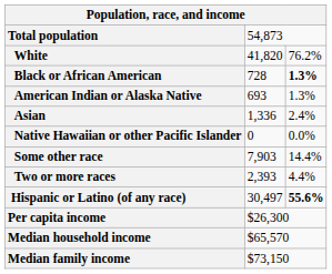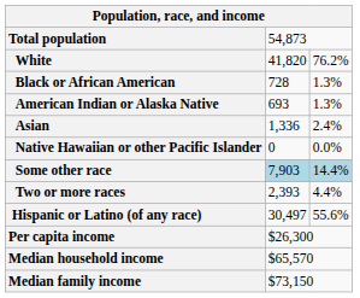 <table class="wikitable collapsible collapsed">
 <tr>
 <th colspan=6>Population, race, and income</th>
 </tr>
 <tr>
 <th scope="row" style="text-align: left;">Total population</th>
 <td colspan=2>54,873</td>
 </tr>
 <tr>
 <th scope="row" style="text-align: left;">  White</th>
 <td>41,820</td>
 <td>76.2%</td>
 </tr>
 <tr>
 <th scope="row" style="text-align: left;">  Black or African American</th>
 <td>728</td>
-<td><strong>1.3%</strong></td>
+<td>1.3%</td>
 </tr>
 <tr>
 <th scope="row" style="text-align: left;">  American Indian or Alaska Native</th>
 <td>693</td>
 <td>1.3%</td>
 </tr>
 <tr>
 <th scope="row" style="text-align: left;">  Asian</th>
 <td>1,336</td>
 <td>2.4%</td>
 </tr>
 <tr>
 <th scope="row" style="text-align: left;">  Native Hawaiian or other Pacific Islander</th>
 <td>0</td>
 <td>0.0%</td>
 </tr>
 <tr>
 <th scope="row" style="text-align: left;">  Some other race</th>
-<td>7,903</td>
-<td>14.4%</td>
+<td style="background: lightblue;">7,903</td>
+<td style="background: lightblue;">14.4%</td>
 </tr>
 <tr>
 <th scope="row" style="text-align: left;">  Two or more races</th>
 <td>2,393</td>
 <td>4.4%</td>
 </tr>
 <tr>
 <th scope="row" style="text-align: left;"> Hispanic or Latino (of any race)</th>
 <td>30,497</td>
-<td><strong>55.6%</strong></td>
+<td>55.6%</td>
 </tr>
 <tr>
 <th scope="row" style="text-align: left;">Per capita income</th>
 <td colspan=2>$26,300</td>
 </tr>
 <tr>
 <th scope="row" style="text-align: left;">Median household income</th>
 <td colspan=2>$65,570</td>
 </tr>
 <tr>
 <th scope="row" style="text-align: left;">Median family income</th>
 <td colspan=2>$73,150</td>
 </tr>
 </table>
